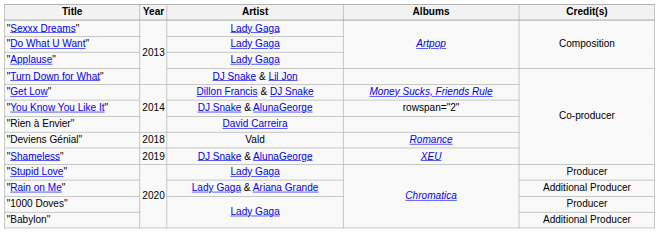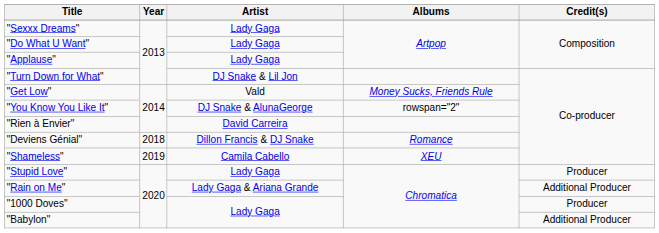 <table class="wikitable plainrowheaders" style="text-align:center;">
 <tr>
 </tr>
 <tr bgcolor="F5F5F5" align="center">
 <th scope="col" style="width:13em;">Title</th>
 <th scope="col">Year</th>
 <th scope="col" style="width:17em;">Artist</th>
 <th scope="col" style="width:17em;">Albums</th>
 <th scope="col" style="width:13em;">Credit(s)</th>
 </tr>
 <tr>
 </tr>
 <tr bgcolor="F5F5F5" align="center">
 </tr>
 <tr>
 <td style="text-align:left;">"<a href='#'>Sexxx Dreams</a>"</td>
 <td rowspan="4">2013</td>
 <td><a href='#'>Lady Gaga</a></td>
 <td rowspan="3"><em><a href='#'>Artpop</a></em></td>
 <td rowspan="3">Composition</td>
 </tr>
 <tr>
 <td style="text-align:left;">"<a href='#'>Do What U Want</a>"</td>
 <td><a href='#'>Lady Gaga</a> </td>
 </tr>
 <tr>
 <td style="text-align:left;">"<a href='#'>Applause</a>"</td>
 <td><a href='#'>Lady Gaga</a></td>
 </tr>
 <tr>
 <td style="text-align:left;">"<a href='#'>Turn Down for What</a>"</td>
 <td><a href='#'>DJ Snake</a> & <a href='#'>Lil Jon</a></td>
 <td></td>
 <td rowspan="6">Co-producer</td>
 </tr>
 <tr>
 <td style="text-align:left;">"<a href='#'>Get Low</a>"</td>
 <td rowspan="3">2014</td>
-<td><a href='#'>Dillon Francis</a> & <a href='#'>DJ Snake</a></td>
+<td>Vald</td>
 <td><em><a href='#'>Money Sucks, Friends Rule</a></em></td>
 </tr>
 <tr>
 <td style="text-align:left;">"<a href='#'>You Know You Like It</a>"</td>
 <td><a href='#'>DJ Snake</a> & <a href='#'>AlunaGeorge</a></td>
 <td>rowspan="2" </td>
 </tr>
 <tr>
 <td style="text-align:left;">"Rien à Envier"</td>
 <td><a href='#'>David Carreira</a></td>
 </tr>
 <tr>
 <td style="text-align:left;">"Deviens Génial"</td>
 <td>2018</td>
-<td>Vald</td>
+<td><a href='#'>Dillon Francis</a> & <a href='#'>DJ Snake</a></td>
 <td rowspan=><em><a href='#'>Romance</a></em></td>
 </tr>
 <tr>
 <td style="text-align:left;">"<a href='#'>Shameless</a>"</td>
 <td rowspan=>2019</td>
-<td><a href='#'>DJ Snake</a> & <a href='#'>AlunaGeorge</a></td>
+<td><a href='#'>Camila Cabello</a></td>
 <td><em><a href='#'>XEU</a></em></td>
 </tr>
 <tr>
 <td style="text-align:left;">"<a href='#'>Stupid Love</a>"</td>
 <td rowspan="4">2020</td>
 <td><a href='#'>Lady Gaga</a></td>
 <td rowspan="4"><em><a href='#'>Chromatica</a></em></td>
 <td>Producer</td>
 </tr>
 <tr>
 <td style="text-align:left;">"<a href='#'>Rain on Me</a>"</td>
 <td><a href='#'>Lady Gaga</a> & <a href='#'>Ariana Grande</a></td>
 <td>Additional Producer</td>
 </tr>
 <tr>
 <td style="text-align:left;">"1000 Doves"</td>
 <td rowspan="2"><a href='#'>Lady Gaga</a></td>
 <td>Producer</td>
 </tr>
 <tr>
 <td style="text-align:left;">"Babylon"</td>
 <td>Additional Producer</td>
 </tr>
 </table>
